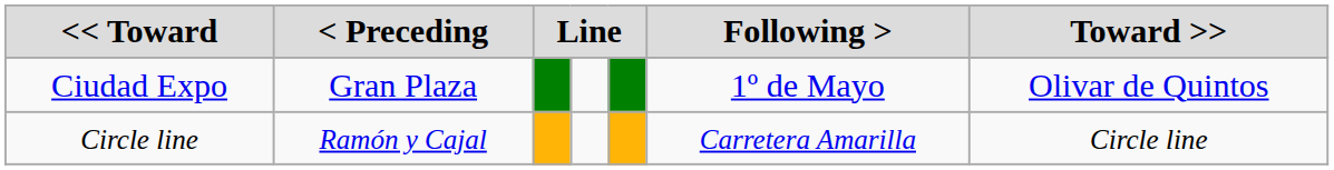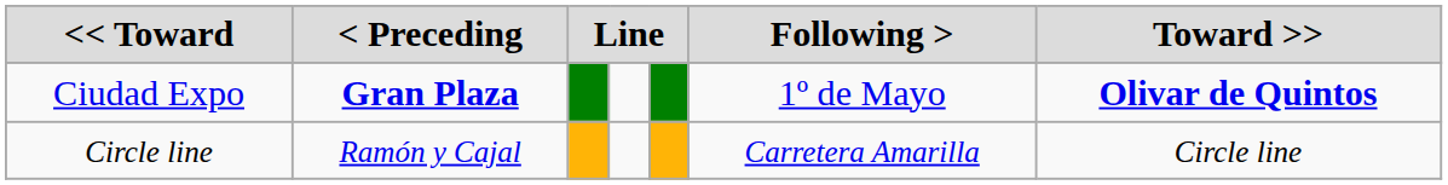 <table align=center class="wikitable center;" width="50%">
 <tr style=background:#DCDCDC align=center>
 <td><strong><< Toward</strong></td>
 <td><strong>< Preceding</strong></td>
 <td colspan="3"><strong>Line</strong></td>
 <td><strong>Following ></strong></td>
 <td><strong>Toward >></strong></td>
 </tr>
 <tr align=center>
 <td><a href='#'>Ciudad Expo</a></td>
-<td><a href='#'>Gran Plaza</a></td>
+<td><strong><a href='#'>Gran Plaza</a></strong></td>
 <td + style=background:green></td>
 <td></td>
 <td + style=background:green></td>
 <td><a href='#'>1º de Mayo</a></td>
-<td><a href='#'>Olivar de Quintos</a></td>
+<td><strong><a href='#'>Olivar de Quintos</a></strong></td>
 </tr>
 <tr align=center>
 <td><small><em>Circle line</em></small></td>
 <td><small><em><a href='#'>Ramón y Cajal</a></em></small></td>
 <td + style=background:#FFB406></td>
 <td></td>
 <td + style=background:#FFB406></td>
 <td><small><em><a href='#'>Carretera Amarilla</a></em></small></td>
 <td><small><em>Circle line</em></small></td>
 </tr>
 </table>
